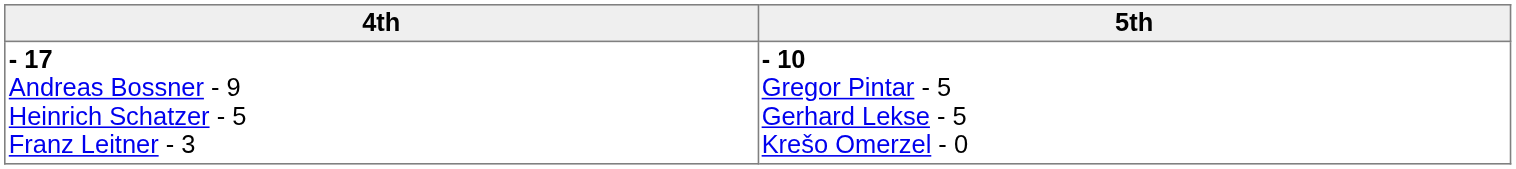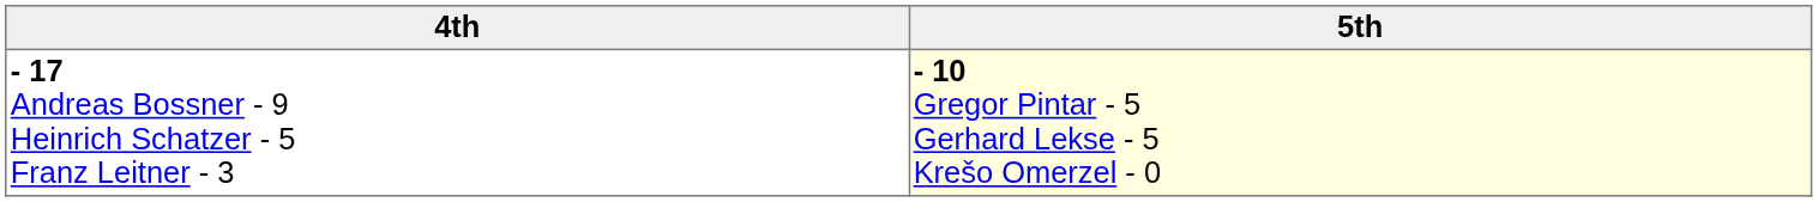 <table border="1" cellpadding="2" cellspacing="0" style="width:75%; border-collapse:collapse">
 <tr style="text-align:left; background:#efefef;">
 <th style="width:15%; text-align:center;">4th</th>
 <th style="width:15%; text-align:center;">5th</th>
 </tr>
 <tr align=left>
 <td valign=top align=left><strong> - 17</strong><br><a href='#'>Andreas Bossner</a> - 9<br><a href='#'>Heinrich Schatzer</a> - 5<br><a href='#'>Franz Leitner</a> - 3</td>
-<td valign=top align=left><strong> - 10</strong><br><a href='#'>Gregor Pintar</a> - 5<br><a href='#'>Gerhard Lekse</a> - 5<br><a href='#'>Krešo Omerzel</a> - 0</td>
+<td valign=top align=left style="background: lightyellow;"><strong> - 10</strong><br><a href='#'>Gregor Pintar</a> - 5<br><a href='#'>Gerhard Lekse</a> - 5<br><a href='#'>Krešo Omerzel</a> - 0</td>
 </tr>
 </table>
